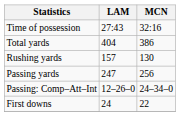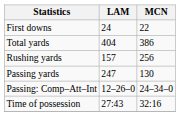 <table class="wikitable" style="float: left;">
 <tr>
 <th>Statistics</th>
 <th>LAM</th>
 <th>MCN</th>
 </tr>
 <tr>
-<td>Time of possession</td>
-<td>27:43</td>
-<td>32:16</td>
+<td>First downs</td>
+<td>24</td>
+<td>22</td>
 </tr>
 <tr>
 <td>Total yards</td>
 <td>404</td>
 <td>386</td>
 </tr>
 <tr>
 <td>Rushing yards</td>
 <td>157</td>
-<td>130</td>
+<td>256</td>
 </tr>
 <tr>
 <td>Passing yards</td>
 <td>247</td>
-<td>256</td>
+<td>130</td>
 </tr>
 <tr>
 <td>Passing: Comp–Att–Int</td>
 <td>12–26–0</td>
 <td>24–34–0</td>
 </tr>
 <tr>
-<td>First downs</td>
-<td>24</td>
-<td>22</td>
+<td>Time of possession</td>
+<td>27:43</td>
+<td>32:16</td>
 </tr>
 <tr>
 </tr>
 </table>
